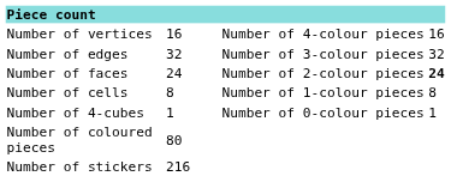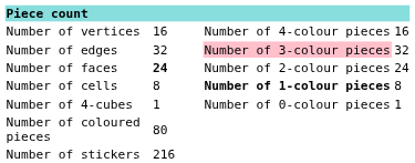 <table>
 <tr>
 <td colspan="4" style="background:#88DDDD;font-weight:bold;">Piece count</td>
 </tr>
 <tr>
 <td>Number of vertices</td>
 <td style="width:50px;">16</td>
 <td>Number of 4-colour pieces</td>
 <td>16</td>
 </tr>
 <tr>
 <td>Number of edges</td>
 <td>32</td>
-<td>Number of 3-colour pieces</td>
+<td style="background: pink;">Number of 3-colour pieces</td>
 <td>32</td>
 </tr>
 <tr>
 <td>Number of faces</td>
+<td><strong>24</strong></td>
+<td>Number of 2-colour pieces</td>
 <td>24</td>
-<td>Number of 2-colour pieces</td>
-<td><strong>24</strong></td>
 </tr>
 <tr>
 <td>Number of cells</td>
 <td>8</td>
-<td>Number of 1-colour pieces</td>
+<td><strong>Number of 1-colour pieces</strong></td>
 <td>8</td>
 </tr>
 <tr>
 <td>Number of 4-cubes</td>
 <td>1</td>
 <td>Number of 0-colour pieces</td>
 <td>1</td>
 </tr>
 <tr>
 <td style="width:150px;">Number of coloured pieces</td>
 <td>80</td>
 </tr>
 <tr>
 <td>Number of stickers</td>
 <td>216</td>
 </tr>
 </table>
